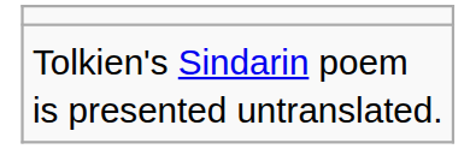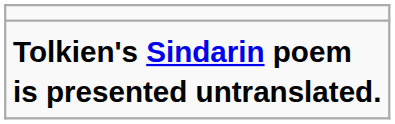 <table class="wikitable" style="margin: 1em auto;">
 <tr>
 <td><em></em></td>
 </tr>
 <tr>
-<td><small>Tolkien's <a href='#'>Sindarin</a> poem<br>is presented untranslated.</small></td>
+<td><strong><small>Tolkien's <a href='#'>Sindarin</a> poem<br>is presented untranslated.</small></strong></td>
 </tr>
 </table>
